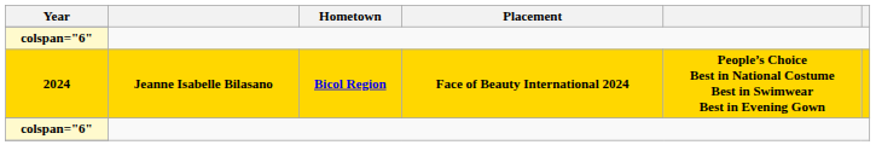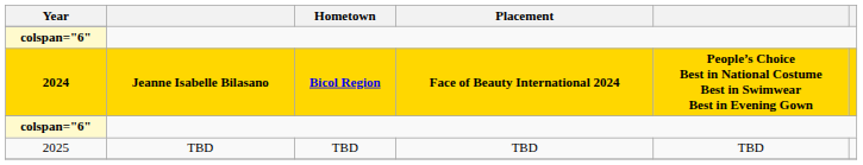 <table class="wikitable sortable" style="font-size: 85%; text-align:center; width:100%;">
 <tr>
 <th>Year</th>
 <th></th>
 <th>Hometown</th>
 <th>Placement</th>
 <th></th>
 <th></th>
 </tr>
 <tr>
 </tr>
 <tr style="background-color:#FFFACD; font-weight: bold">
 <td>colspan="6" </td>
 </tr>
 <tr style="background:gold; font-weight:bold">
 <td>2024</td>
 <td>Jeanne Isabelle Bilasano</td>
 <td><a href='#'>Bicol Region</a></td>
 <td>Face of Beauty International 2024</td>
 <td>People’s Choice <br> Best in National Costume <br> Best in Swimwear <br> Best in Evening Gown</td>
 <td></td>
 </tr>
 <tr>
 </tr>
 <tr style="background-color:#FFFACD; font-weight: bold">
 <td>colspan="6" </td>
 </tr>
 <tr>
+<td>2025</td>
+<td>TBD</td>
+<td>TBD</td>
+<td>TBD</td>
+<td>TBD</td>
+<td></td>
+</tr>
+<tr>
 </tr>
 </table>
